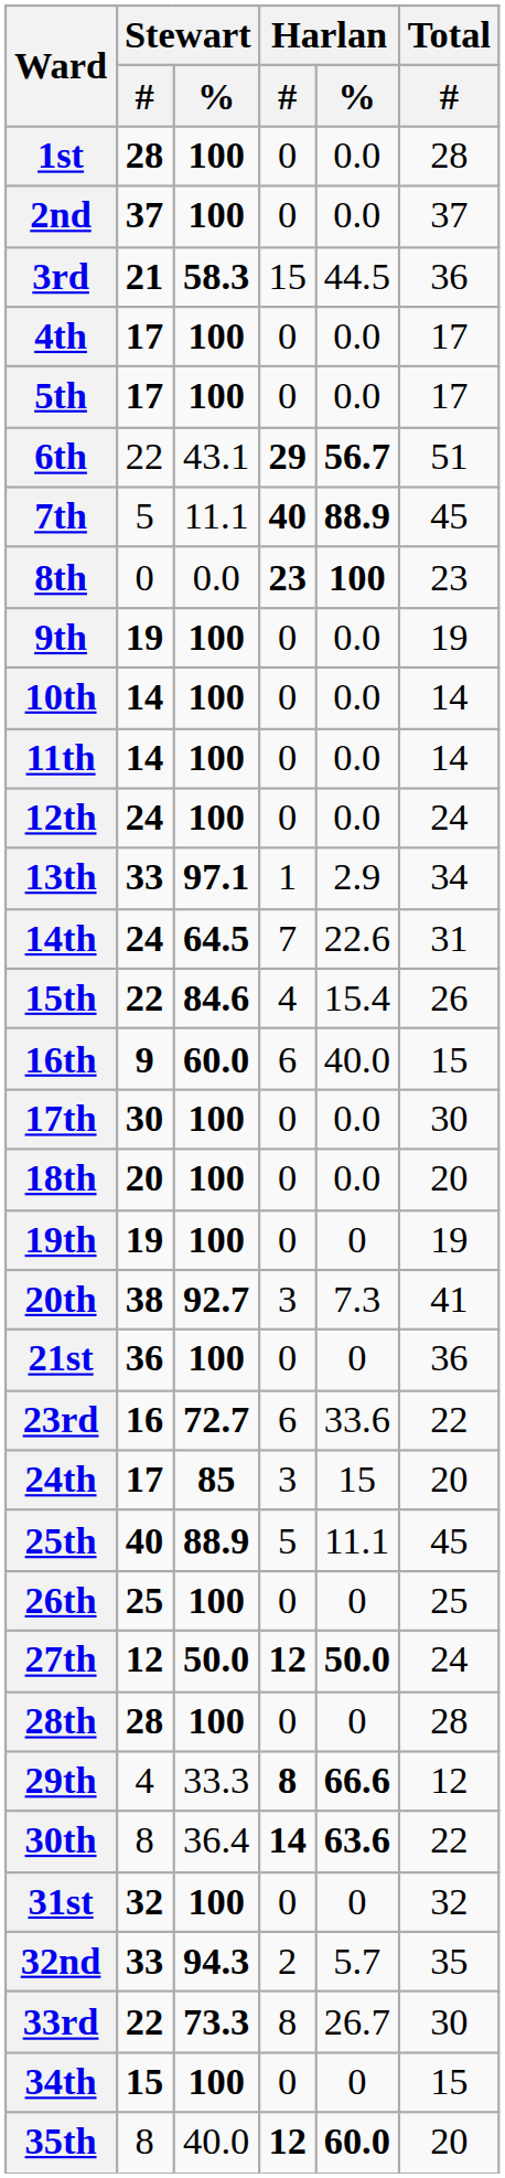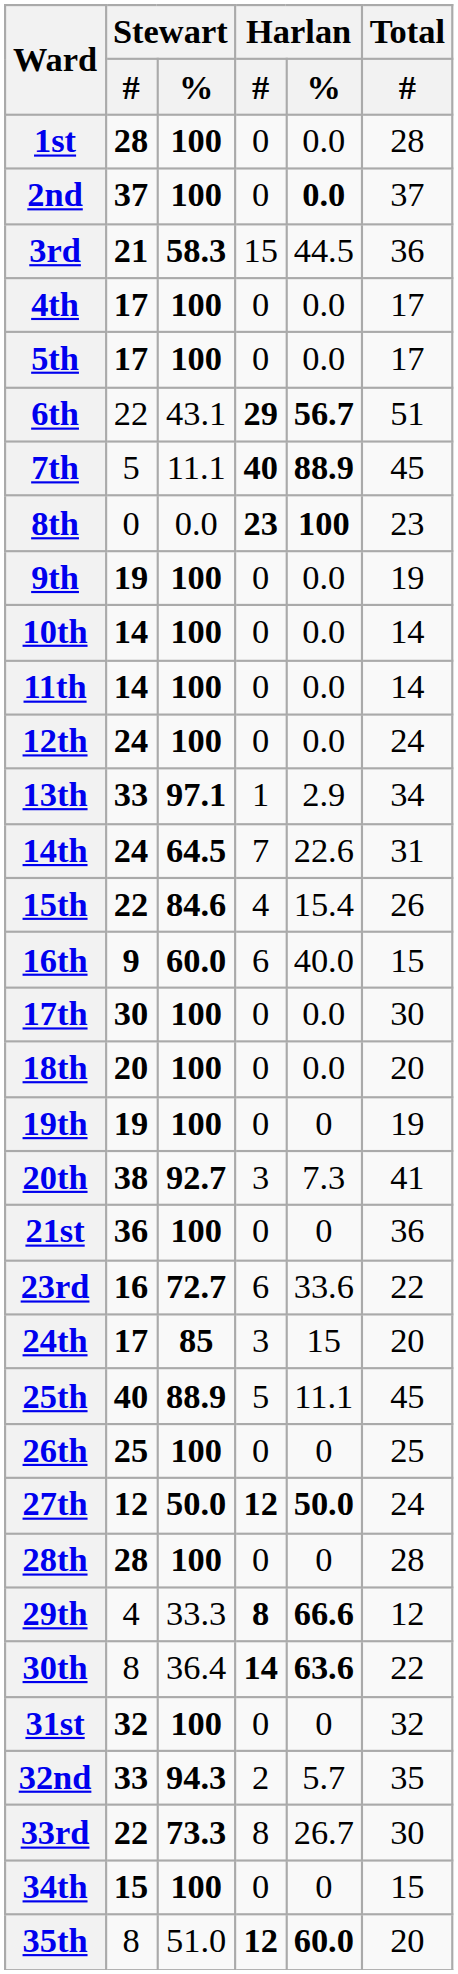 <table class="wikitable mw-collapsible mw-collapsed" style="text-align: center">
 <tr>
 <th rowspan=2>Ward</th>
 <th colspan=2>Stewart</th>
 <th colspan=2>Harlan</th>
 <th>Total</th>
 </tr>
 <tr>
 <th>#</th>
 <th>%</th>
 <th>#</th>
 <th>%</th>
 <th>#</th>
 </tr>
 <tr>
 <th><a href='#'>1st</a></th>
 <td><strong>28</strong></td>
 <td><strong>100</strong></td>
 <td>0</td>
 <td>0.0</td>
 <td>28</td>
 </tr>
 <tr>
 <th><a href='#'>2nd</a></th>
 <td><strong>37</strong></td>
 <td><strong>100</strong></td>
 <td>0</td>
-<td>0.0</td>
+<td><strong>0.0</strong></td>
 <td>37</td>
 </tr>
 <tr>
 <th><a href='#'>3rd</a></th>
 <td><strong>21</strong></td>
 <td><strong>58.3</strong></td>
 <td>15</td>
 <td>44.5</td>
 <td>36</td>
 </tr>
 <tr>
 <th><a href='#'>4th</a></th>
 <td><strong>17</strong></td>
 <td><strong>100</strong></td>
 <td>0</td>
 <td>0.0</td>
 <td>17</td>
 </tr>
 <tr>
 <th><a href='#'>5th</a></th>
 <td><strong>17</strong></td>
 <td><strong>100</strong></td>
 <td>0</td>
 <td>0.0</td>
 <td>17</td>
 </tr>
 <tr>
 <th><a href='#'>6th</a></th>
 <td>22</td>
 <td>43.1</td>
 <td><strong>29</strong></td>
 <td><strong>56.7</strong></td>
 <td>51</td>
 </tr>
 <tr>
 <th><a href='#'>7th</a></th>
 <td>5</td>
 <td>11.1</td>
 <td><strong>40</strong></td>
 <td><strong>88.9</strong></td>
 <td>45</td>
 </tr>
 <tr>
 <th><a href='#'>8th</a></th>
 <td>0</td>
 <td>0.0</td>
 <td><strong>23</strong></td>
 <td><strong>100</strong></td>
 <td>23</td>
 </tr>
 <tr>
 <th><a href='#'>9th</a></th>
 <td><strong>19</strong></td>
 <td><strong>100</strong></td>
 <td>0</td>
 <td>0.0</td>
 <td>19</td>
 </tr>
 <tr>
 <th><a href='#'>10th</a></th>
 <td><strong>14</strong></td>
 <td><strong>100</strong></td>
 <td>0</td>
 <td>0.0</td>
 <td>14</td>
 </tr>
 <tr>
 <th><a href='#'>11th</a></th>
 <td><strong>14</strong></td>
 <td><strong>100</strong></td>
 <td>0</td>
 <td>0.0</td>
 <td>14</td>
 </tr>
 <tr>
 <th><a href='#'>12th</a></th>
 <td><strong>24</strong></td>
 <td><strong>100</strong></td>
 <td>0</td>
 <td>0.0</td>
 <td>24</td>
 </tr>
 <tr>
 <th><a href='#'>13th</a></th>
 <td><strong>33</strong></td>
 <td><strong>97.1</strong></td>
 <td>1</td>
 <td>2.9</td>
 <td>34</td>
 </tr>
 <tr>
 <th><a href='#'>14th</a></th>
 <td><strong>24</strong></td>
 <td><strong>64.5</strong></td>
 <td>7</td>
 <td>22.6</td>
 <td>31</td>
 </tr>
 <tr>
 <th><a href='#'>15th</a></th>
 <td><strong>22</strong></td>
 <td><strong>84.6</strong></td>
 <td>4</td>
 <td>15.4</td>
 <td>26</td>
 </tr>
 <tr>
 <th><a href='#'>16th</a></th>
 <td><strong>9</strong></td>
 <td><strong>60.0</strong></td>
 <td>6</td>
 <td>40.0</td>
 <td>15</td>
 </tr>
 <tr>
 <th><a href='#'>17th</a></th>
 <td><strong>30</strong></td>
 <td><strong>100</strong></td>
 <td>0</td>
 <td>0.0</td>
 <td>30</td>
 </tr>
 <tr>
 <th><a href='#'>18th</a></th>
 <td><strong>20</strong></td>
 <td><strong>100</strong></td>
 <td>0</td>
 <td>0.0</td>
 <td>20</td>
 </tr>
 <tr>
 <th><a href='#'>19th</a></th>
 <td><strong>19</strong></td>
 <td><strong>100</strong></td>
 <td>0</td>
 <td>0</td>
 <td>19</td>
 </tr>
 <tr>
 <th><a href='#'>20th</a></th>
 <td><strong>38</strong></td>
 <td><strong>92.7</strong></td>
 <td>3</td>
 <td>7.3</td>
 <td>41</td>
 </tr>
 <tr>
 <th><a href='#'>21st</a></th>
 <td><strong>36</strong></td>
 <td><strong>100</strong></td>
 <td>0</td>
 <td>0</td>
 <td>36</td>
 </tr>
 <tr>
 <th><a href='#'>23rd</a></th>
 <td><strong>16</strong></td>
 <td><strong>72.7</strong></td>
 <td>6</td>
 <td>33.6</td>
 <td>22</td>
 </tr>
 <tr>
 <th><a href='#'>24th</a></th>
 <td><strong>17</strong></td>
 <td><strong>85</strong></td>
 <td>3</td>
 <td>15</td>
 <td>20</td>
 </tr>
 <tr>
 <th><a href='#'>25th</a></th>
 <td><strong>40</strong></td>
 <td><strong>88.9</strong></td>
 <td>5</td>
 <td>11.1</td>
 <td>45</td>
 </tr>
 <tr>
 <th><a href='#'>26th</a></th>
 <td><strong>25</strong></td>
 <td><strong>100</strong></td>
 <td>0</td>
 <td>0</td>
 <td>25</td>
 </tr>
 <tr>
 <th><a href='#'>27th</a></th>
 <td><strong>12</strong></td>
 <td><strong>50.0</strong></td>
 <td><strong>12</strong></td>
 <td><strong>50.0</strong></td>
 <td>24</td>
 </tr>
 <tr>
 <th><a href='#'>28th</a></th>
 <td><strong>28</strong></td>
 <td><strong>100</strong></td>
 <td>0</td>
 <td>0</td>
 <td>28</td>
 </tr>
 <tr>
 <th><a href='#'>29th</a></th>
 <td>4</td>
 <td>33.3</td>
 <td><strong>8</strong></td>
 <td><strong>66.6</strong></td>
 <td>12</td>
 </tr>
 <tr>
 <th><a href='#'>30th</a></th>
 <td>8</td>
 <td>36.4</td>
 <td><strong>14</strong></td>
 <td><strong>63.6</strong></td>
 <td>22</td>
 </tr>
 <tr>
 <th><a href='#'>31st</a></th>
 <td><strong>32</strong></td>
 <td><strong>100</strong></td>
 <td>0</td>
 <td>0</td>
 <td>32</td>
 </tr>
 <tr>
 <th><a href='#'>32nd</a></th>
 <td><strong>33</strong></td>
 <td><strong>94.3</strong></td>
 <td>2</td>
 <td>5.7</td>
 <td>35</td>
 </tr>
 <tr>
 <th><a href='#'>33rd</a></th>
 <td><strong>22</strong></td>
 <td><strong>73.3</strong></td>
 <td>8</td>
 <td>26.7</td>
 <td>30</td>
 </tr>
 <tr>
 <th><a href='#'>34th</a></th>
 <td><strong>15</strong></td>
 <td><strong>100</strong></td>
 <td>0</td>
 <td>0</td>
 <td>15</td>
 </tr>
 <tr>
 <th><a href='#'>35th</a></th>
 <td>8</td>
-<td>40.0</td>
+<td>51.0</td>
 <td><strong>12</strong></td>
 <td><strong>60.0</strong></td>
 <td>20</td>
 </tr>
 </table>
